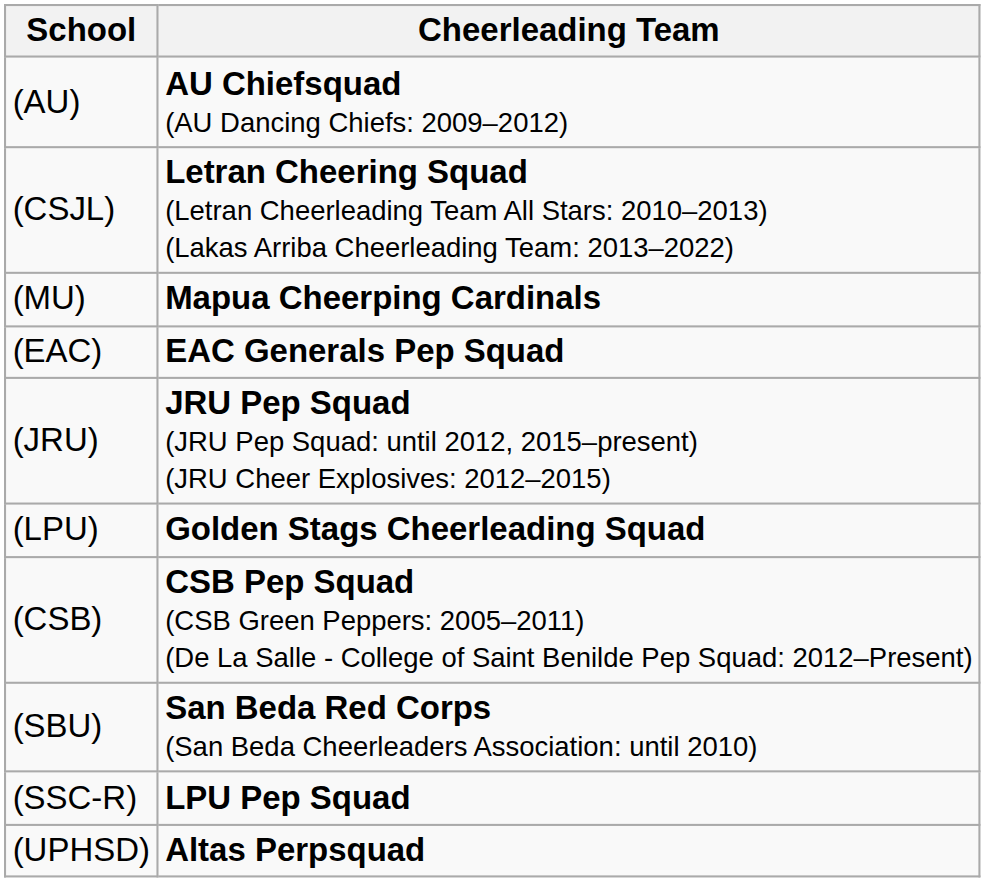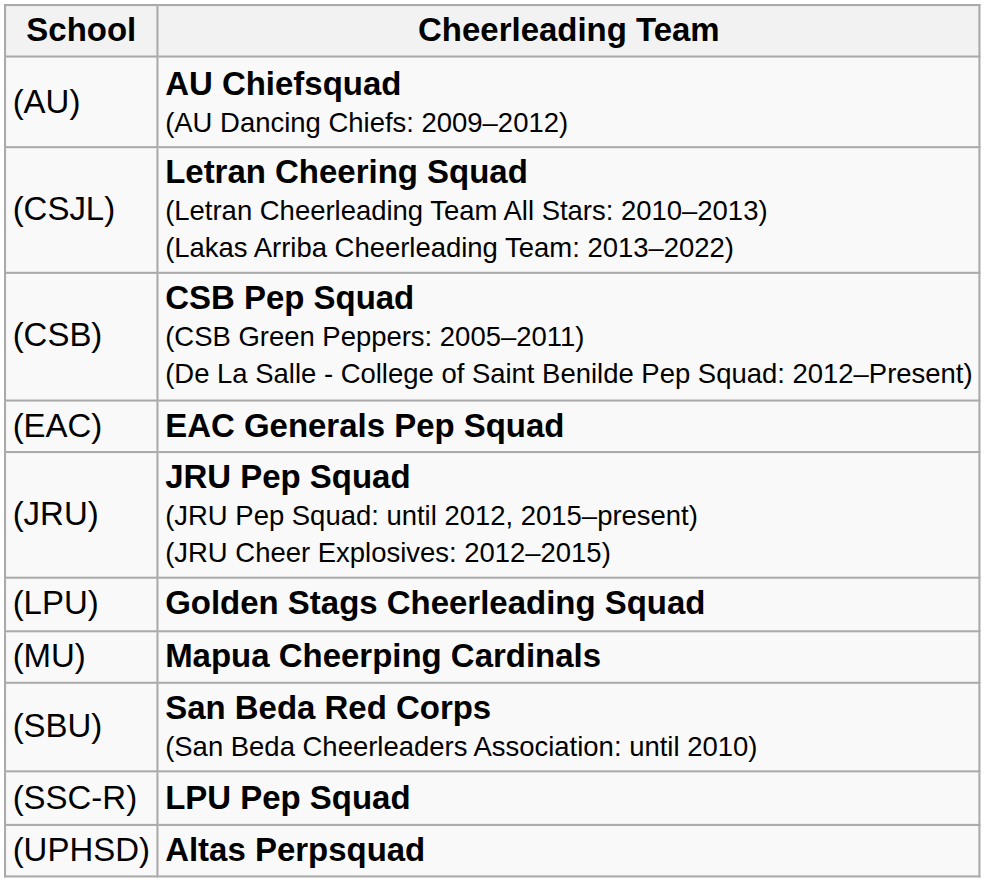 <table class="wikitable" style="text align: center">
 <tr bgcolor="#efefef">
 <th>School</th>
 <th>Cheerleading Team</th>
 </tr>
 <tr>
 <td><strong></strong> (AU)</td>
 <td><strong>AU Chiefsquad</strong><br><small>(AU Dancing Chiefs: 2009–2012)</small></td>
 </tr>
 <tr>
 <td><strong></strong> (CSJL)</td>
 <td><strong>Letran Cheering Squad</strong><br><small>(Letran Cheerleading Team All Stars: 2010–2013)<br>(Lakas Arriba Cheerleading Team: 2013–2022)</small></td>
 </tr>
 <tr>
-<td><strong></strong> (MU)</td>
-<td><strong>Mapua Cheerping Cardinals</strong></td>
+<td><strong></strong> (CSB)</td>
+<td><strong>CSB Pep Squad</strong><br><small>(CSB Green Peppers: 2005–2011)</small><br><small>(De La Salle - College of Saint Benilde Pep Squad: 2012–Present)</small></td>
 </tr>
 <tr>
 <td><strong></strong> (EAC)</td>
 <td><strong>EAC Generals Pep Squad</strong></td>
 </tr>
 <tr>
 <td><strong></strong> (JRU)</td>
 <td><strong>JRU Pep Squad</strong><br><small>(JRU Pep Squad: until 2012, 2015–present)</small><br><small>(JRU Cheer Explosives: 2012–2015)</small></td>
 </tr>
 <tr>
 <td><strong></strong> (LPU)</td>
 <td><strong>Golden Stags Cheerleading Squad</strong></td>
 </tr>
 <tr>
-<td><strong></strong> (CSB)</td>
-<td><strong>CSB Pep Squad</strong><br><small>(CSB Green Peppers: 2005–2011)</small><br><small>(De La Salle - College of Saint Benilde Pep Squad: 2012–Present)</small></td>
+<td><strong></strong> (MU)</td>
+<td><strong>Mapua Cheerping Cardinals</strong></td>
 </tr>
 <tr>
 <td><strong></strong> (SBU)</td>
 <td><strong>San Beda Red Corps</strong><br><small>(San Beda Cheerleaders Association: until 2010)</small></td>
 </tr>
 <tr>
 <td><strong></strong> (SSC-R)</td>
 <td><strong>LPU Pep Squad</strong></td>
 </tr>
 <tr>
 <td><strong></strong> (UPHSD)</td>
 <td><strong>Altas Perpsquad</strong></td>
 </tr>
 </table>
